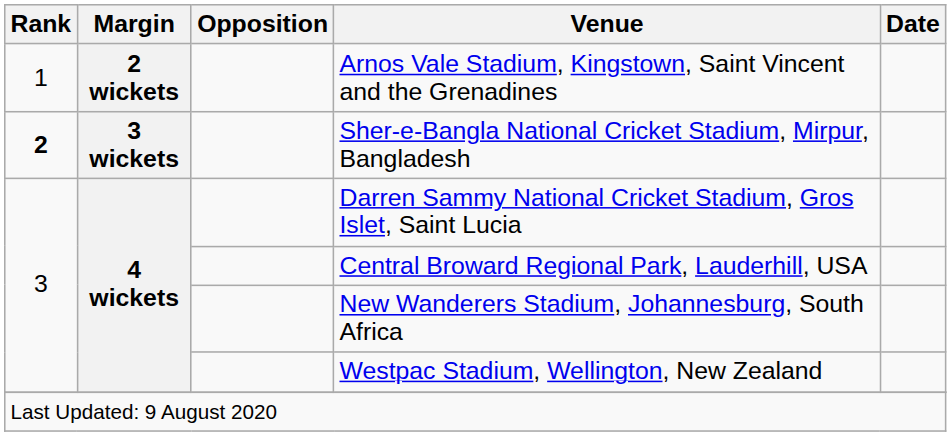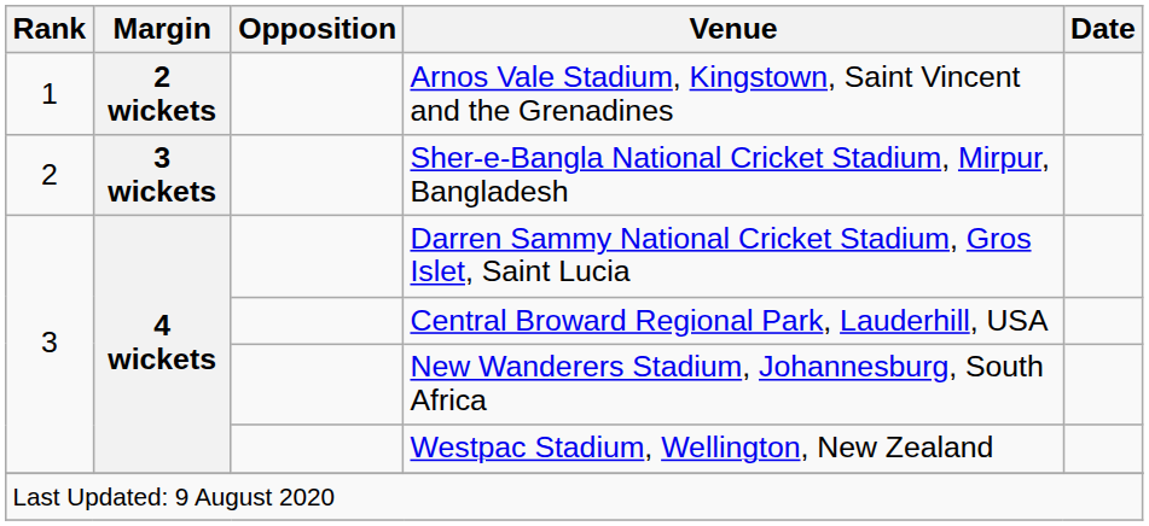 <table class="wikitable plainrowheaders sortable">
 <tr>
 <th scope=col>Rank</th>
 <th scope=col>Margin</th>
 <th scope=col>Opposition</th>
 <th scope=col>Venue</th>
 <th scope=col>Date</th>
 </tr>
 <tr>
 <td align=center>1</td>
 <th scope=row style=text-align:center>2 wickets</th>
 <td></td>
 <td><a href='#'>Arnos Vale Stadium</a>, <a href='#'>Kingstown</a>, Saint Vincent and the Grenadines</td>
 <td></td>
 </tr>
 <tr>
-<td align=center><strong>2</strong></td>
+<td align=center>2</td>
 <th scope=row style=text-align:center>3 wickets</th>
 <td></td>
 <td><a href='#'>Sher-e-Bangla National Cricket Stadium</a>, <a href='#'>Mirpur</a>, Bangladesh</td>
 <td></td>
 </tr>
 <tr>
 <td align=center rowspan=4>3</td>
 <th scope=row style=text-align:center rowspan=4>4 wickets</th>
 <td></td>
 <td><a href='#'>Darren Sammy National Cricket Stadium</a>, <a href='#'>Gros Islet</a>, Saint Lucia</td>
 <td></td>
 </tr>
 <tr>
 <td></td>
 <td><a href='#'>Central Broward Regional Park</a>, <a href='#'>Lauderhill</a>, USA</td>
 <td></td>
 </tr>
 <tr>
 <td></td>
 <td><a href='#'>New Wanderers Stadium</a>, <a href='#'>Johannesburg</a>, South Africa</td>
 <td></td>
 </tr>
 <tr>
 <td></td>
 <td><a href='#'>Westpac Stadium</a>, <a href='#'>Wellington</a>, New Zealand</td>
 <td></td>
 </tr>
 <tr>
 </tr>
 <tr class=sortbottom>
 <td colspan=5><small>Last Updated: 9 August 2020</small></td>
 </tr>
 </table>
